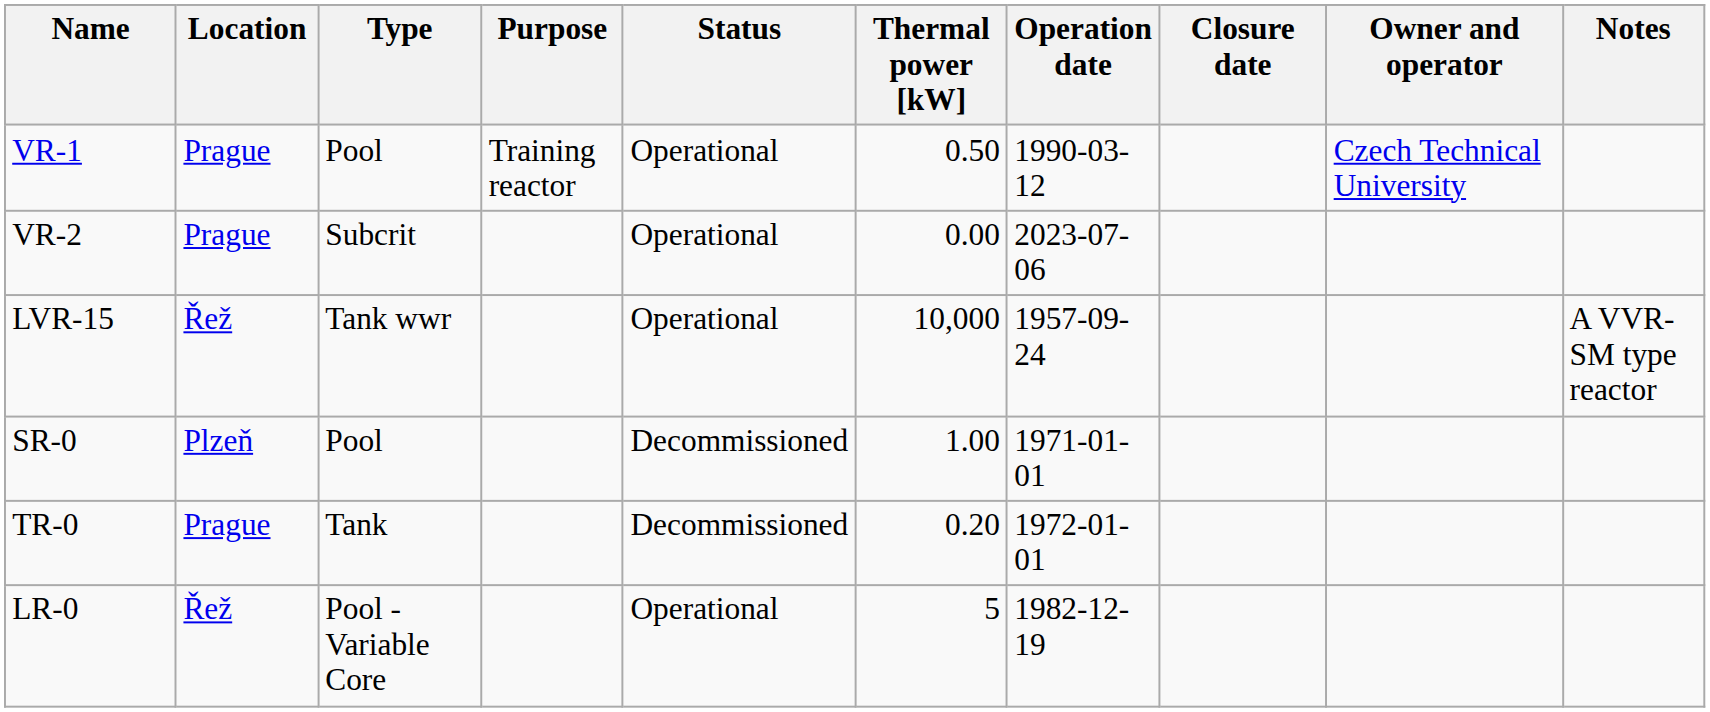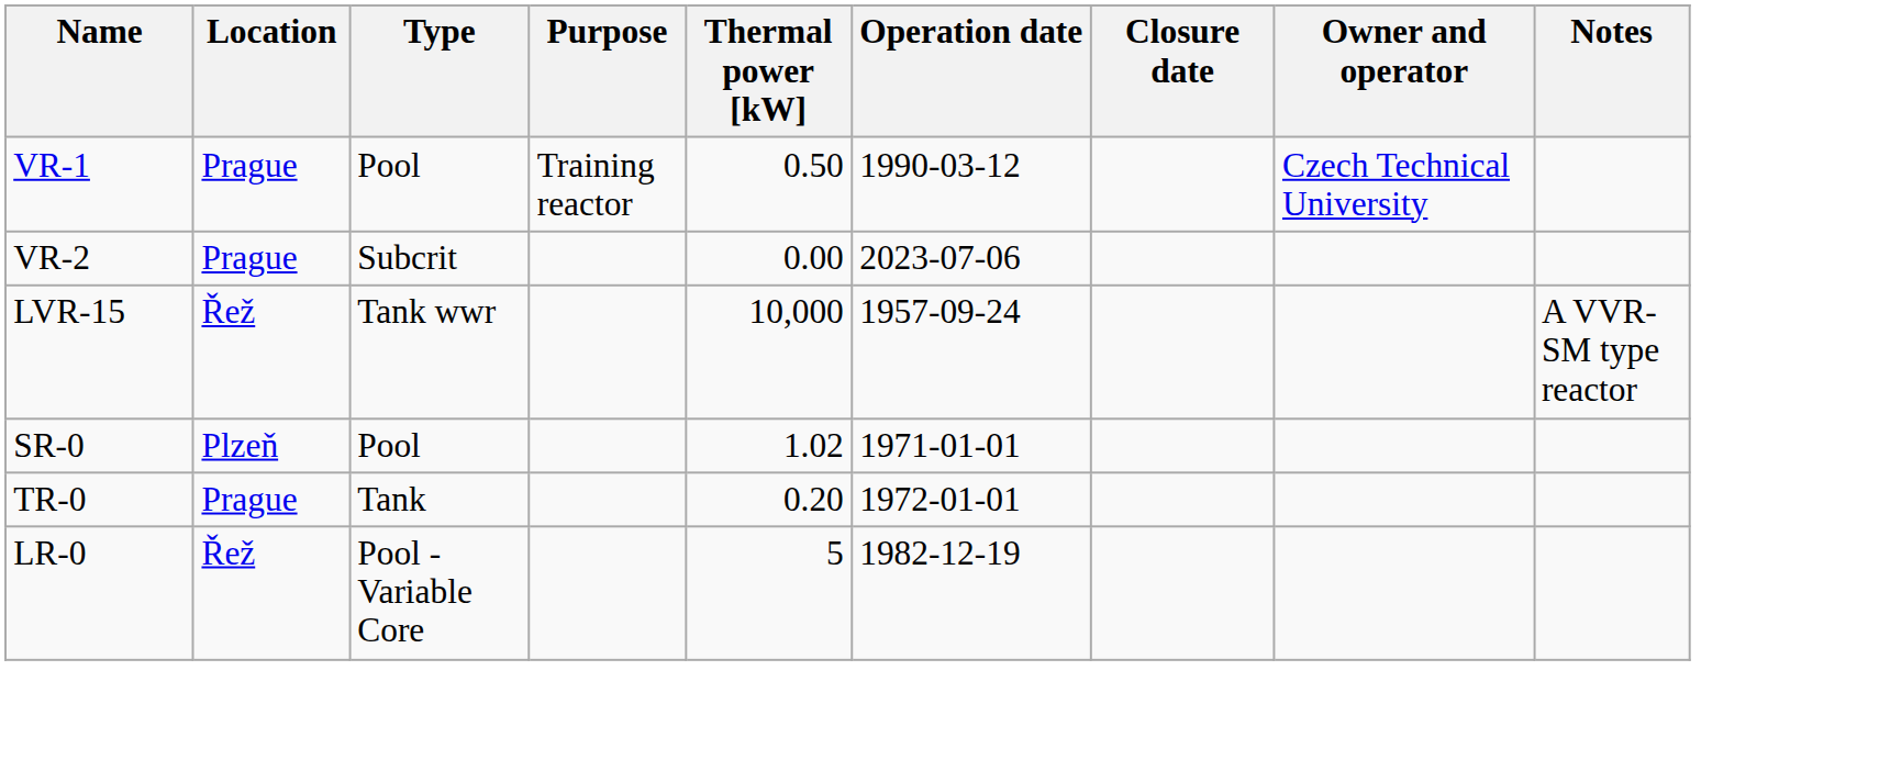 <table class="wikitable" >
 <tr valign="top">
 <th width="80">Name</th>
 <th width="65">Location</th>
 <th width="76">Type</th>
 <th width="65">Purpose</th>
-<th width="91">Status</th>
 <th width="70“">Thermal power [kW]</th>
 <th width=„67“>Operation date</th>
 <th width="78“">Closure date</th>
 <th width="113“">Owner and operator</th>
 <th width="65">Notes</th>
 </tr>
 <tr valign="top">
 <td><a href='#'>VR-1</a></td>
 <td><a href='#'>Prague</a></td>
 <td>Pool</td>
 <td>Training reactor</td>
-<td>Operational</td>
 <td align="right">0.50</td>
 <td>1990-03-12</td>
 <td> </td>
 <td><a href='#'>Czech Technical University</a></td>
 <td> </td>
 </tr>
 <tr valign="top">
 <td>VR-2</td>
 <td><a href='#'>Prague</a></td>
 <td>Subcrit</td>
 <td></td>
-<td>Operational</td>
 <td align="right">0.00</td>
 <td>2023-07-06</td>
 <td></td>
 <td></td>
 <td></td>
 </tr>
 <tr valign="top">
 <td>LVR-15</td>
 <td><a href='#'>Řež</a></td>
 <td>Tank wwr</td>
 <td></td>
-<td>Operational</td>
 <td align="right">10,000</td>
 <td>1957-09-24</td>
 <td></td>
 <td></td>
 <td>A VVR-SM type reactor</td>
 </tr>
 <tr valign="top">
 <td>SR-0</td>
 <td><a href='#'>Plzeň</a></td>
 <td>Pool</td>
 <td></td>
-<td>Decommissioned</td>
-<td align="right">1.00</td>
+<td align="right">1.02</td>
 <td>1971-01-01</td>
 <td></td>
 <td></td>
 <td></td>
 </tr>
 <tr valign="top">
 <td>TR-0</td>
 <td><a href='#'>Prague</a></td>
 <td>Tank</td>
 <td></td>
-<td>Decommissioned</td>
 <td align="right">0.20</td>
 <td>1972-01-01</td>
 <td></td>
 <td></td>
 <td></td>
 </tr>
 <tr valign="top">
 <td>LR-0</td>
 <td><a href='#'>Řež</a></td>
 <td>Pool - Variable Core</td>
 <td></td>
-<td>Operational</td>
 <td align="right">5</td>
 <td>1982-12-19</td>
 <td></td>
 <td></td>
 <td></td>
 </tr>
 </table>
